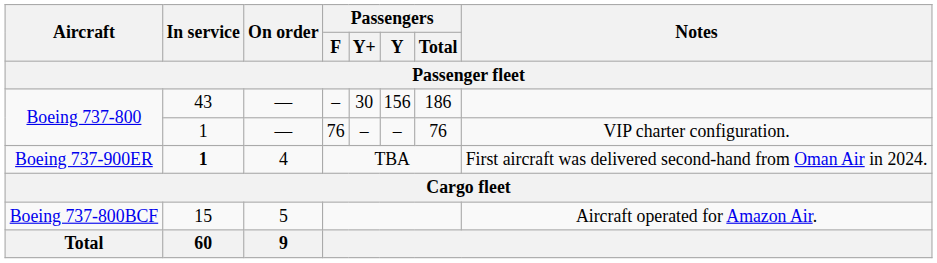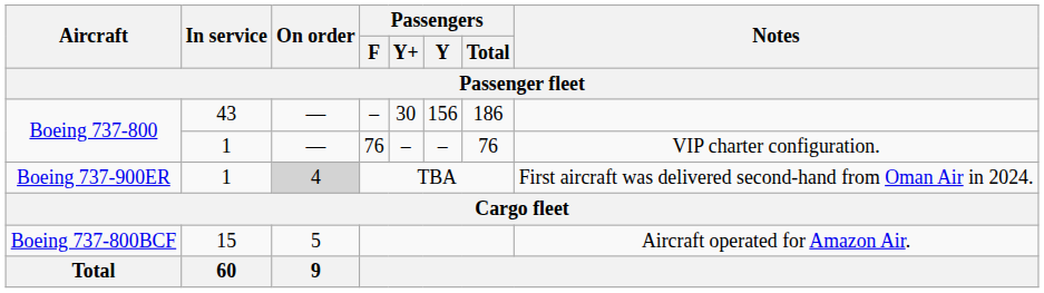 <table class="wikitable" style="margin:0.5em auto; text-align:center">
 <tr>
 <th rowspan="2">Aircraft</th>
 <th rowspan="2">In service</th>
 <th rowspan="2">On order</th>
 <th colspan="4">Passengers</th>
 <th rowspan="2">Notes</th>
 </tr>
 <tr>
 <th><abbr>F</abbr></th>
 <th><abbr>Y+</abbr></th>
 <th><abbr>Y</abbr></th>
 <th>Total</th>
 </tr>
 <tr>
 <th colspan="8">Passenger fleet</th>
 </tr>
 <tr>
 <td rowspan="2"><a href='#'>Boeing 737-800</a></td>
 <td>43</td>
 <td>—</td>
 <td>–</td>
 <td>30</td>
 <td>156</td>
 <td>186</td>
 <td></td>
 </tr>
 <tr>
 <td>1</td>
 <td>—</td>
 <td>76</td>
 <td>–</td>
 <td>–</td>
 <td>76</td>
 <td>VIP charter configuration.</td>
 </tr>
 <tr>
 <td><a href='#'>Boeing 737-900ER</a></td>
-<td><strong>1</strong></td>
-<td>4</td>
+<td>1</td>
+<td style="background: lightgrey;">4</td>
 <td colspan="4"><abbr>TBA</abbr></td>
 <td>First aircraft was delivered second-hand from <a href='#'>Oman Air</a> in 2024.</td>
 </tr>
 <tr>
 <th colspan="8" scope="row">Cargo fleet</th>
 </tr>
 <tr>
 <td><a href='#'>Boeing 737-800BCF</a></td>
 <td>15</td>
 <td>5</td>
 <td colspan="4"></td>
 <td>Aircraft operated for <a href='#'>Amazon Air</a>.</td>
 </tr>
 <tr>
 <th>Total</th>
 <th>60</th>
 <th>9</th>
 <th colspan="5"></th>
 </tr>
 </table>
